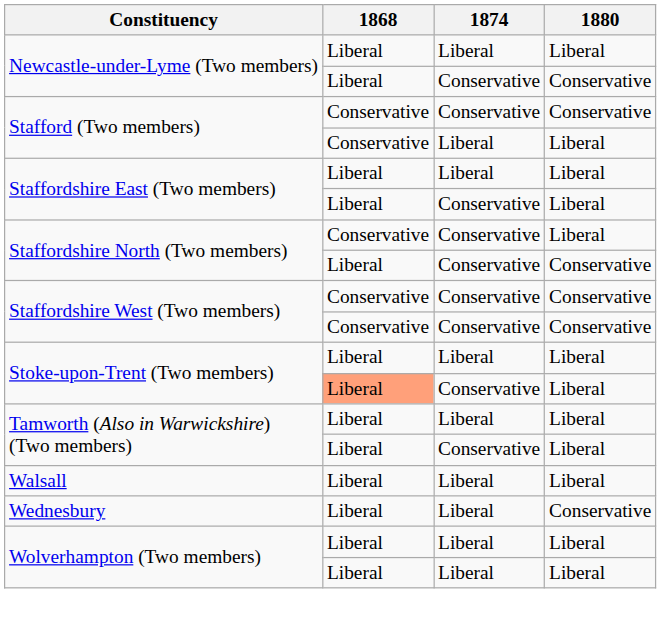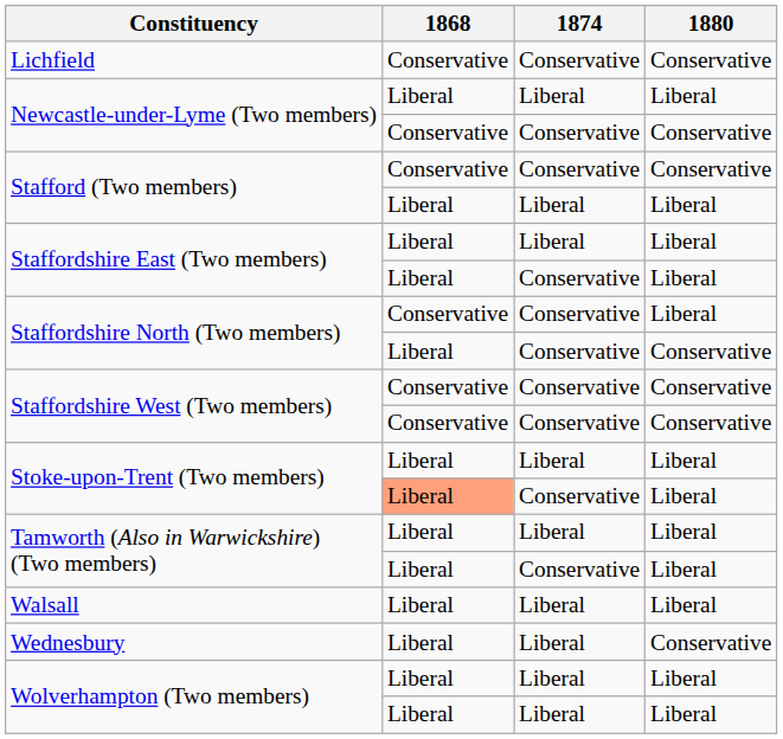 <table class="wikitable">
 <tr>
 <th>Constituency</th>
 <th>1868</th>
 <th>1874</th>
 <th>1880</th>
 </tr>
 <tr>
+<td><a href='#'>Lichfield</a></td>
+<td>Conservative</td>
+<td>Conservative</td>
+<td>Conservative</td>
+</tr>
+<tr>
 <td rowspan="2"><a href='#'>Newcastle-under-Lyme</a> (Two members)</td>
 <td>Liberal</td>
 <td>Liberal</td>
 <td>Liberal</td>
 </tr>
 <tr>
-<td>Liberal</td>
+<td>Conservative</td>
 <td>Conservative</td>
 <td>Conservative</td>
 </tr>
 <tr>
 <td rowspan="2"><a href='#'>Stafford</a> (Two members)</td>
 <td>Conservative</td>
 <td>Conservative</td>
 <td>Conservative</td>
 </tr>
 <tr>
-<td>Conservative</td>
+<td>Liberal</td>
 <td>Liberal</td>
 <td>Liberal</td>
 </tr>
 <tr>
 <td rowspan="2"><a href='#'>Staffordshire East</a> (Two members)</td>
 <td>Liberal</td>
 <td>Liberal</td>
 <td>Liberal</td>
 </tr>
 <tr>
 <td>Liberal</td>
 <td>Conservative</td>
 <td>Liberal</td>
 </tr>
 <tr>
 <td rowspan="2"><a href='#'>Staffordshire North</a> (Two members)</td>
 <td>Conservative</td>
 <td>Conservative</td>
 <td>Liberal</td>
 </tr>
 <tr>
 <td>Liberal</td>
 <td>Conservative</td>
 <td>Conservative</td>
 </tr>
 <tr>
 <td rowspan="2"><a href='#'>Staffordshire West</a> (Two members)</td>
 <td>Conservative</td>
 <td>Conservative</td>
 <td>Conservative</td>
 </tr>
 <tr>
 <td>Conservative</td>
 <td>Conservative</td>
 <td>Conservative</td>
 </tr>
 <tr>
 <td rowspan="2"><a href='#'>Stoke-upon-Trent</a> (Two members)</td>
 <td>Liberal</td>
 <td>Liberal</td>
 <td>Liberal</td>
 </tr>
 <tr>
 <td style="background: lightsalmon;">Liberal</td>
 <td>Conservative</td>
 <td>Liberal</td>
 </tr>
 <tr>
 <td rowspan="2"><a href='#'>Tamworth</a> (<em>Also in Warwickshire</em>)<br>(Two members)</td>
 <td>Liberal</td>
 <td>Liberal</td>
 <td>Liberal</td>
 </tr>
 <tr>
 <td>Liberal</td>
 <td>Conservative</td>
 <td>Liberal</td>
 </tr>
 <tr>
 <td><a href='#'>Walsall</a></td>
 <td>Liberal</td>
 <td>Liberal</td>
 <td>Liberal</td>
 </tr>
 <tr>
 <td><a href='#'>Wednesbury</a></td>
 <td>Liberal</td>
 <td>Liberal</td>
 <td>Conservative</td>
 </tr>
 <tr>
 <td rowspan="2"><a href='#'>Wolverhampton</a> (Two members)</td>
 <td>Liberal</td>
 <td>Liberal</td>
 <td>Liberal</td>
 </tr>
 <tr>
 <td>Liberal</td>
 <td>Liberal</td>
 <td>Liberal</td>
 </tr>
 </table>
